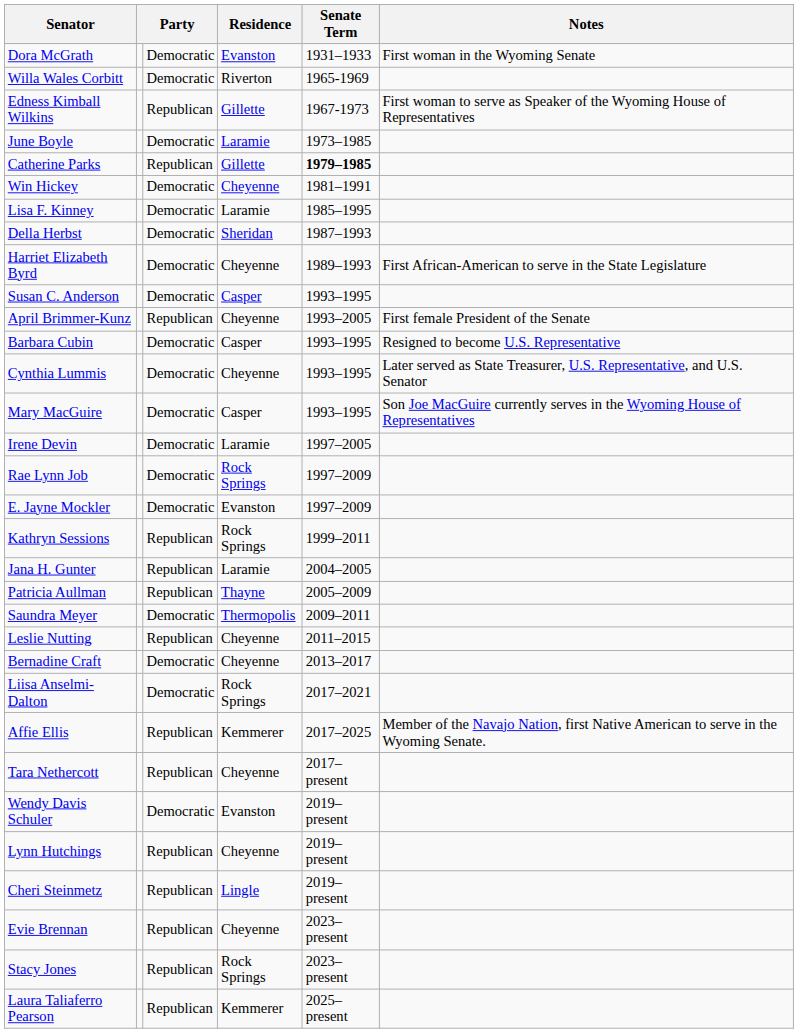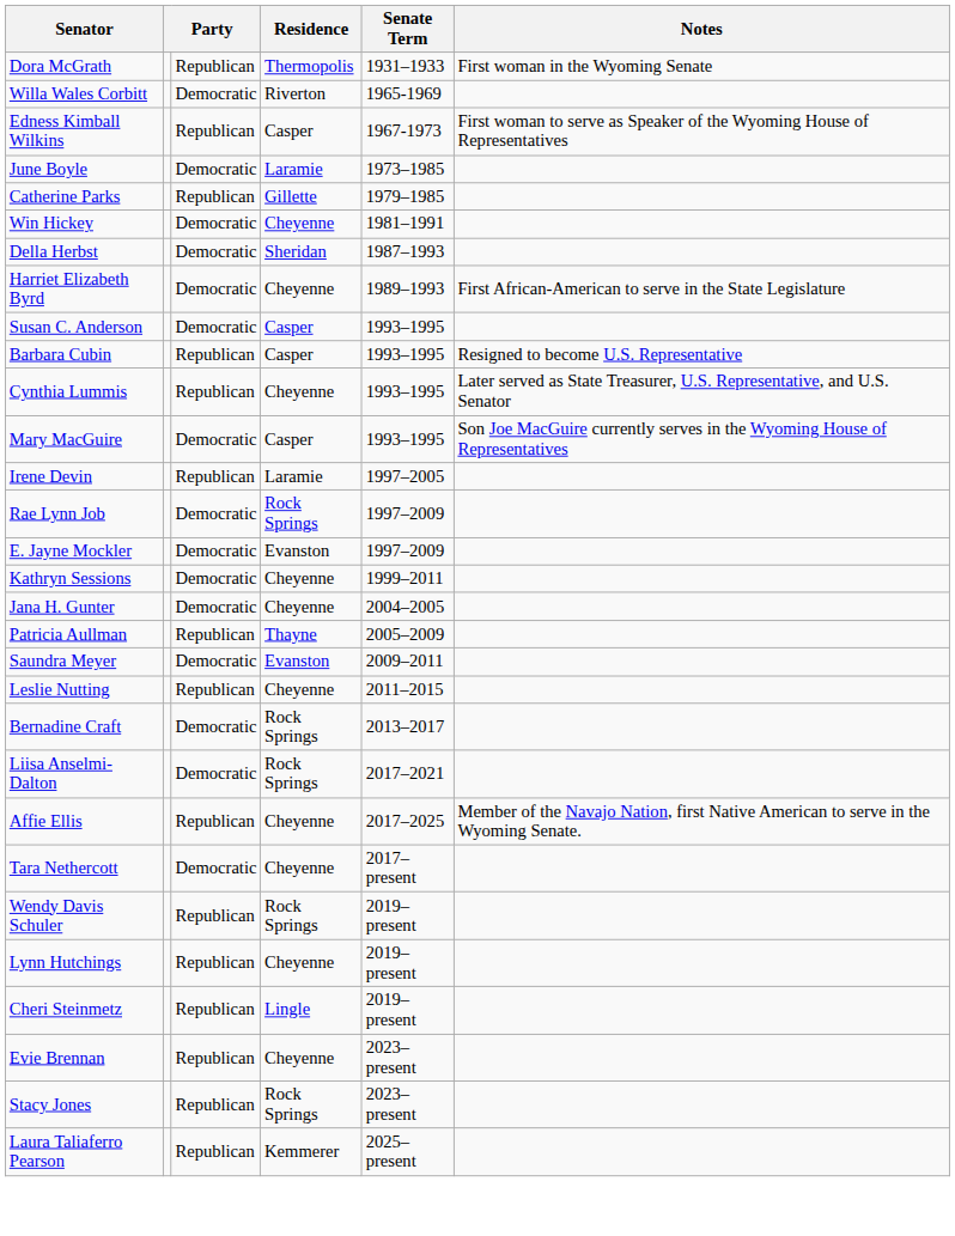 <table class="wikitable">
 <tr style="background-color:#CCCCCC;">
 <th>Senator</th>
 <th colspan = 2>Party</th>
 <th>Residence</th>
 <th>Senate Term</th>
 <th>Notes</th>
 </tr>
 <tr>
 <td><a href='#'>Dora McGrath</a></td>
 <td style="background:"></td>
-<td>Democratic</td>
-<td><a href='#'>Evanston</a></td>
+<td>Republican</td>
+<td><a href='#'>Thermopolis</a></td>
 <td>1931–1933</td>
 <td>First woman in the Wyoming Senate</td>
 </tr>
 <tr>
 <td><a href='#'>Willa Wales Corbitt</a></td>
 <td style="background:"></td>
 <td>Democratic</td>
 <td>Riverton</td>
 <td>1965-1969</td>
 <td></td>
 </tr>
 <tr>
 <td><a href='#'>Edness Kimball Wilkins</a></td>
 <td style="background:"></td>
 <td>Republican</td>
-<td><a href='#'>Gillette</a></td>
+<td>Casper</td>
 <td>1967-1973</td>
 <td>First woman to serve as Speaker of the Wyoming House of Representatives</td>
 </tr>
 <tr>
 <td><a href='#'>June Boyle</a></td>
 <td style="background:"></td>
 <td>Democratic</td>
 <td><a href='#'>Laramie</a></td>
 <td>1973–1985</td>
 <td></td>
 </tr>
 <tr>
 <td><a href='#'>Catherine Parks</a></td>
 <td style="background:"></td>
 <td>Republican</td>
 <td><a href='#'>Gillette</a></td>
-<td><strong>1979–1985</strong></td>
+<td>1979–1985</td>
 <td></td>
 </tr>
 <tr>
 <td><a href='#'>Win Hickey</a></td>
 <td style="background:"></td>
 <td>Democratic</td>
 <td><a href='#'>Cheyenne</a></td>
 <td>1981–1991</td>
-<td></td>
-</tr>
-<tr>
-<td><a href='#'>Lisa F. Kinney</a></td>
-<td style="background:"></td>
-<td>Democratic</td>
-<td>Laramie</td>
-<td>1985–1995</td>
 <td></td>
 </tr>
 <tr>
 <td><a href='#'>Della Herbst</a></td>
 <td style="background:"></td>
 <td>Democratic</td>
 <td><a href='#'>Sheridan</a></td>
 <td>1987–1993</td>
 <td></td>
 </tr>
 <tr>
 <td><a href='#'>Harriet Elizabeth Byrd</a></td>
 <td style="background:"></td>
 <td>Democratic</td>
 <td>Cheyenne</td>
 <td>1989–1993</td>
 <td>First African-American to serve in the State Legislature</td>
 </tr>
 <tr>
 <td><a href='#'>Susan C. Anderson</a></td>
 <td style="background:"></td>
 <td>Democratic</td>
 <td><a href='#'>Casper</a></td>
 <td>1993–1995</td>
 <td></td>
 </tr>
 <tr>
-<td><a href='#'>April Brimmer-Kunz</a></td>
+<td><a href='#'>Barbara Cubin</a></td>
 <td style="background:"></td>
 <td>Republican</td>
-<td>Cheyenne</td>
-<td>1993–2005</td>
-<td>First female President of the Senate</td>
-</tr>
-<tr>
-<td><a href='#'>Barbara Cubin</a></td>
-<td style="background:"></td>
-<td>Democratic</td>
 <td>Casper</td>
 <td>1993–1995</td>
 <td>Resigned to become <a href='#'>U.S. Representative</a></td>
 </tr>
 <tr>
 <td><a href='#'>Cynthia Lummis</a></td>
 <td style="background:"></td>
-<td>Democratic</td>
+<td>Republican</td>
 <td>Cheyenne</td>
 <td>1993–1995</td>
 <td>Later served as State Treasurer, <a href='#'>U.S. Representative</a>, and U.S. Senator</td>
 </tr>
 <tr>
 <td><a href='#'>Mary MacGuire</a></td>
 <td style="background:"></td>
 <td>Democratic</td>
 <td>Casper</td>
 <td>1993–1995</td>
 <td>Son <a href='#'>Joe MacGuire</a> currently serves in the <a href='#'>Wyoming House of Representatives</a></td>
 </tr>
 <tr>
 <td><a href='#'>Irene Devin</a></td>
 <td style="background:"></td>
-<td>Democratic</td>
+<td>Republican</td>
 <td>Laramie</td>
 <td>1997–2005</td>
 <td></td>
 </tr>
 <tr>
 <td><a href='#'>Rae Lynn Job</a></td>
 <td style="background:"></td>
 <td>Democratic</td>
 <td><a href='#'>Rock Springs</a></td>
 <td>1997–2009</td>
 <td></td>
 </tr>
 <tr>
 <td><a href='#'>E. Jayne Mockler</a></td>
 <td style="background:"></td>
 <td>Democratic</td>
 <td>Evanston</td>
 <td>1997–2009</td>
 <td></td>
 </tr>
 <tr>
 <td><a href='#'>Kathryn Sessions</a></td>
 <td style="background:"></td>
-<td>Republican</td>
-<td>Rock Springs</td>
+<td>Democratic</td>
+<td>Cheyenne</td>
 <td>1999–2011</td>
 <td></td>
 </tr>
 <tr>
 <td><a href='#'>Jana H. Gunter</a></td>
 <td style="background:"></td>
-<td>Republican</td>
-<td>Laramie</td>
+<td>Democratic</td>
+<td>Cheyenne</td>
 <td>2004–2005</td>
 <td></td>
 </tr>
 <tr>
 <td><a href='#'>Patricia Aullman</a></td>
 <td style="background:"></td>
 <td>Republican</td>
 <td><a href='#'>Thayne</a></td>
 <td>2005–2009</td>
 <td></td>
 </tr>
 <tr>
 <td><a href='#'>Saundra Meyer</a></td>
 <td style="background:"></td>
 <td>Democratic</td>
-<td><a href='#'>Thermopolis</a></td>
+<td><a href='#'>Evanston</a></td>
 <td>2009–2011</td>
 <td></td>
 </tr>
 <tr>
 <td><a href='#'>Leslie Nutting</a></td>
 <td style="background:"></td>
 <td>Republican</td>
 <td>Cheyenne</td>
 <td>2011–2015</td>
 <td></td>
 </tr>
 <tr>
 <td><a href='#'>Bernadine Craft</a></td>
 <td style="background:"></td>
 <td>Democratic</td>
-<td>Cheyenne</td>
+<td>Rock Springs</td>
 <td>2013–2017</td>
 <td></td>
 </tr>
 <tr>
 <td><a href='#'>Liisa Anselmi-Dalton</a></td>
 <td style="background:"></td>
 <td>Democratic</td>
 <td>Rock Springs</td>
 <td>2017–2021</td>
 <td></td>
 </tr>
 <tr>
 <td><a href='#'>Affie Ellis</a></td>
 <td style="background:"></td>
 <td>Republican</td>
-<td>Kemmerer</td>
+<td>Cheyenne</td>
 <td>2017–2025</td>
 <td>Member of the <a href='#'>Navajo Nation</a>, first Native American to serve in the Wyoming Senate.</td>
 </tr>
 <tr>
 <td><a href='#'>Tara Nethercott</a></td>
 <td style="background:"></td>
-<td>Republican</td>
+<td>Democratic</td>
 <td>Cheyenne</td>
 <td>2017–present</td>
 <td></td>
 </tr>
 <tr>
 <td><a href='#'>Wendy Davis Schuler</a></td>
 <td style="background:"></td>
-<td>Democratic</td>
-<td>Evanston</td>
+<td>Republican</td>
+<td>Rock Springs</td>
 <td>2019–present</td>
 <td></td>
 </tr>
 <tr>
 <td><a href='#'>Lynn Hutchings</a></td>
 <td style="background:"></td>
 <td>Republican</td>
 <td>Cheyenne</td>
 <td>2019–present</td>
 <td></td>
 </tr>
 <tr>
 <td><a href='#'>Cheri Steinmetz</a></td>
 <td style="background:"></td>
 <td>Republican</td>
 <td><a href='#'>Lingle</a></td>
 <td>2019–present</td>
 <td></td>
 </tr>
 <tr>
 <td><a href='#'>Evie Brennan</a></td>
 <td style="background:"></td>
 <td>Republican</td>
 <td>Cheyenne</td>
 <td>2023–present</td>
 <td></td>
 </tr>
 <tr>
 <td><a href='#'>Stacy Jones</a></td>
 <td style="background:"></td>
 <td>Republican</td>
 <td>Rock Springs</td>
 <td>2023–present</td>
 <td></td>
 </tr>
 <tr>
 <td><a href='#'>Laura Taliaferro Pearson</a></td>
 <td style="background:"></td>
 <td>Republican</td>
 <td>Kemmerer</td>
 <td>2025–present</td>
 <td></td>
 </tr>
 </table>
